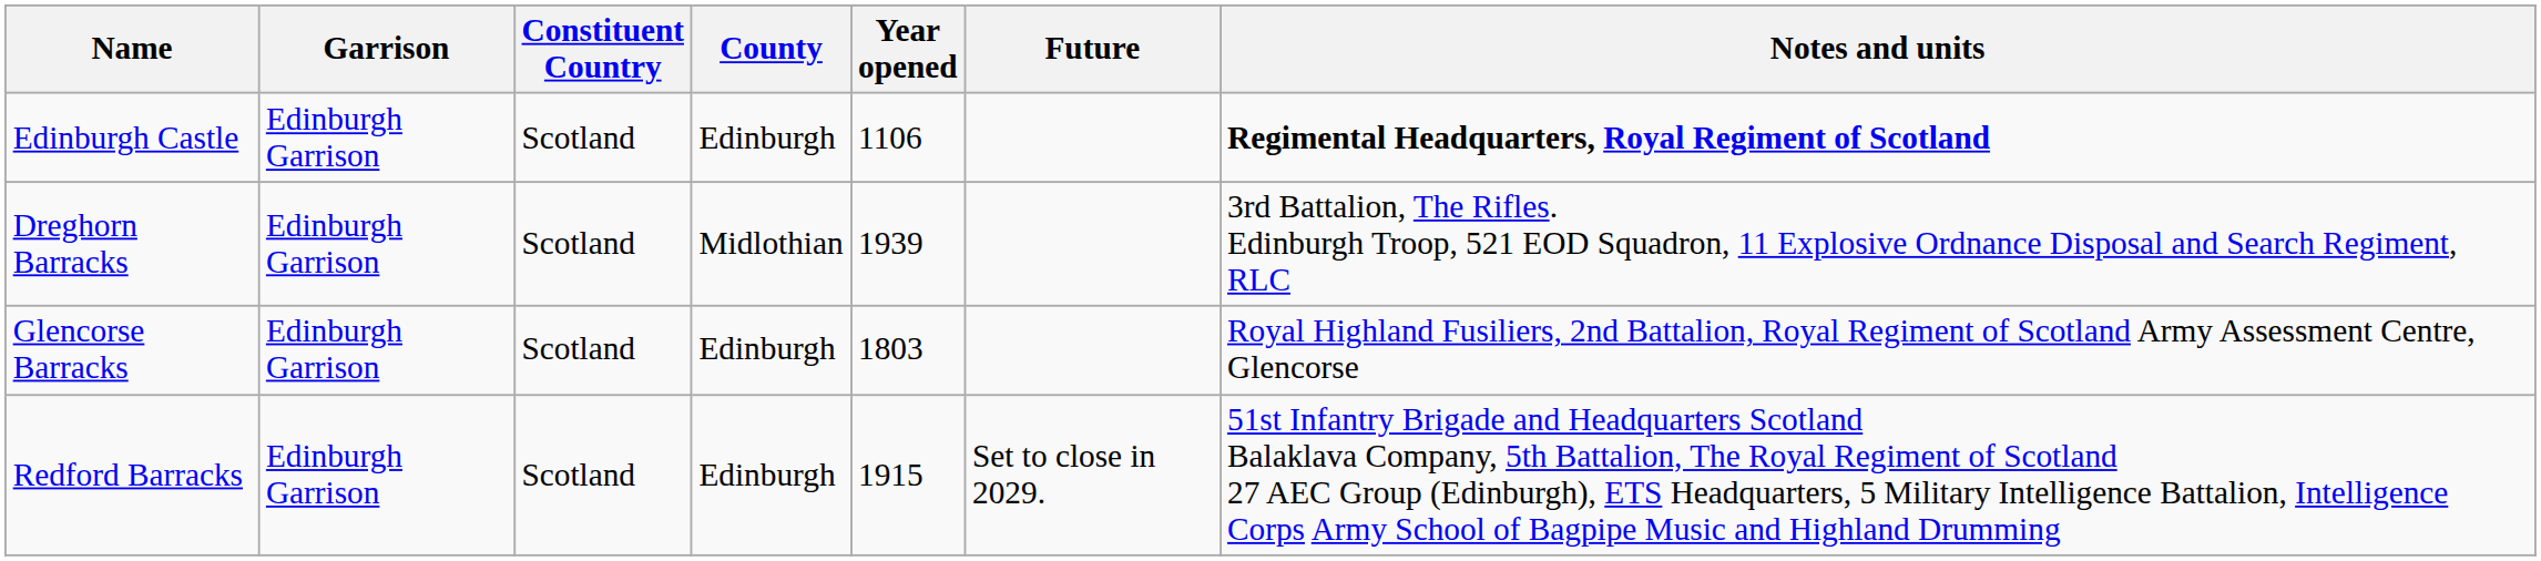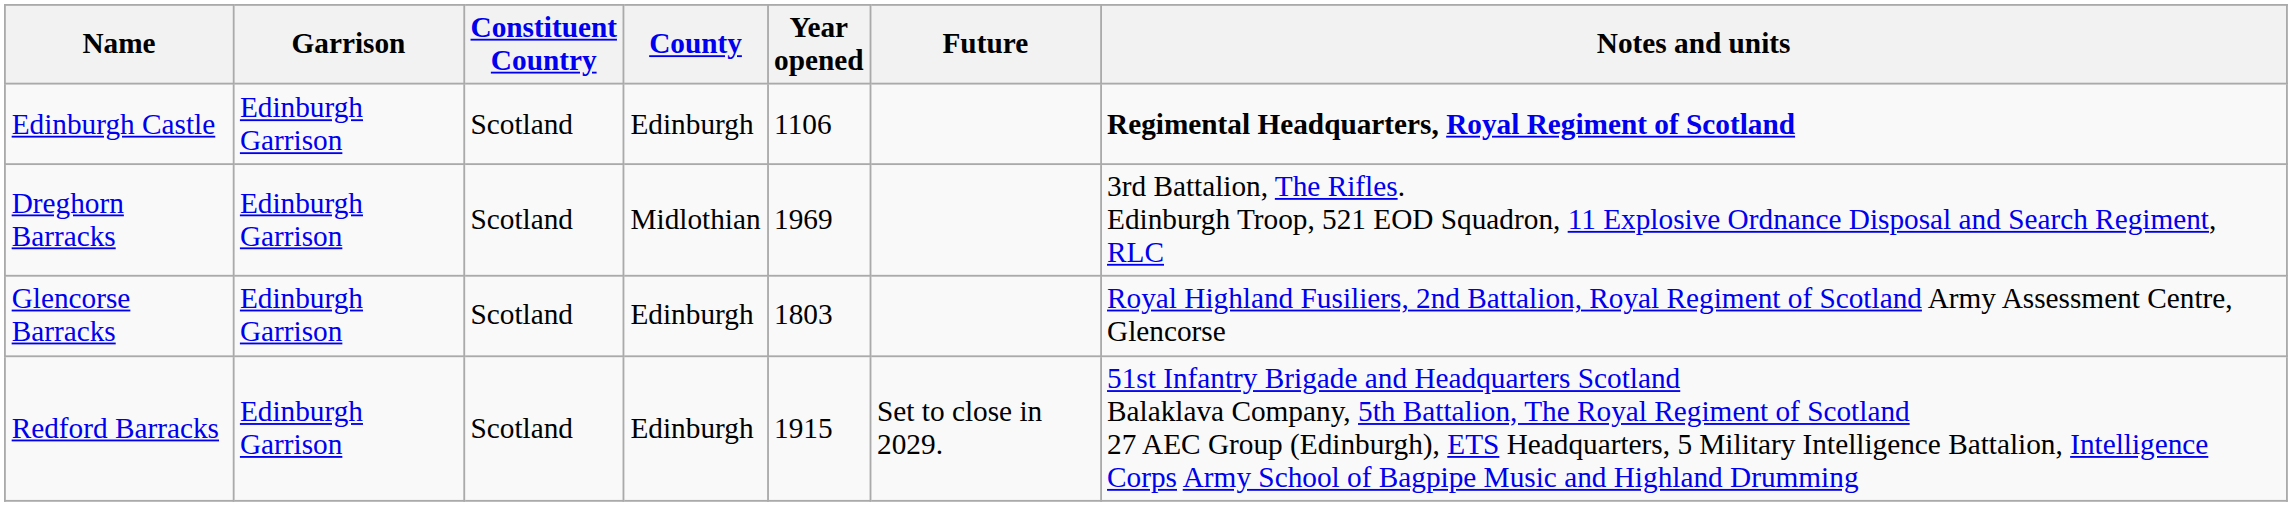 <table class="wikitable sortable" border="1">
 <tr>
 <th style="width=14%">Name</th>
 <th style="width=10%">Garrison</th>
 <th style="width=10%"><a href='#'>Constituent<br>Country</a></th>
 <th style="width=10%"><a href='#'>County</a></th>
 <th style="width=4%">Year<br>opened</th>
 <th>Future</th>
 <th style="class=unsortable" width="52%">Notes and units</th>
 </tr>
 <tr>
 <td><a href='#'>Edinburgh Castle</a></td>
 <td><a href='#'>Edinburgh Garrison</a></td>
 <td>Scotland</td>
 <td>Edinburgh</td>
 <td>1106</td>
 <td></td>
 <td><strong>Regimental Headquarters, <a href='#'>Royal Regiment of Scotland</a></strong></td>
 </tr>
 <tr>
 <td><a href='#'>Dreghorn Barracks</a></td>
 <td><a href='#'>Edinburgh Garrison</a></td>
 <td>Scotland</td>
 <td>Midlothian</td>
-<td>1939</td>
+<td>1969</td>
 <td></td>
 <td>3rd Battalion, <a href='#'>The Rifles</a>.<br>Edinburgh Troop, 521 EOD Squadron, <a href='#'>11 Explosive Ordnance Disposal and Search Regiment</a>, <a href='#'>RLC</a></td>
 </tr>
 <tr>
 <td><a href='#'>Glencorse Barracks</a></td>
 <td><a href='#'>Edinburgh Garrison</a></td>
 <td>Scotland</td>
 <td>Edinburgh</td>
 <td>1803</td>
 <td></td>
 <td><a href='#'>Royal Highland Fusiliers, 2nd Battalion, Royal Regiment of Scotland</a> Army Assessment Centre, Glencorse</td>
 </tr>
 <tr>
 <td><a href='#'>Redford Barracks</a></td>
 <td><a href='#'>Edinburgh Garrison</a></td>
 <td>Scotland</td>
 <td>Edinburgh</td>
 <td>1915</td>
 <td>Set to close in 2029.</td>
 <td><a href='#'>51st Infantry Brigade and Headquarters Scotland</a><br>Balaklava Company, <a href='#'>5th Battalion, The Royal Regiment of Scotland</a><br>27 AEC Group (Edinburgh), <a href='#'>ETS</a>  Headquarters, 5 Military Intelligence Battalion, <a href='#'>Intelligence Corps</a> <a href='#'>Army School of Bagpipe Music and Highland Drumming</a></td>
 </tr>
 </table>
